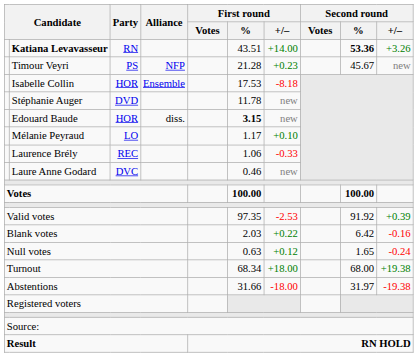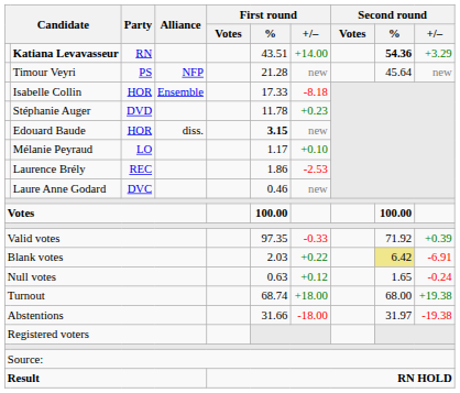 <table class="wikitable" style="text-align:right;font-size:95%;">
 <tr>
 <th rowspan="2" colspan="2">Candidate</th>
 <th colspan="1" rowspan="2">Party</th>
 <th colspan="1" rowspan="2">Alliance</th>
 <th colspan="3">First round</th>
 <th colspan="3">Second round</th>
 </tr>
 <tr>
 <th style="width:50px;">Votes</th>
 <th style="width:45px;">%</th>
 <th style="width:45px;">+/–</th>
 <th style="width:50px;">Votes</th>
 <th style="width:45px;">%</th>
 <th style="width:45px;">+/–</th>
 </tr>
 <tr>
 <td style="color:inherit;background:"></td>
 <td style="text-align:left;"><strong>Katiana Levavasseur</strong></td>
 <td><a href='#'>RN</a></td>
 <td></td>
 <td></td>
 <td>43.51</td>
 <td style="color:green;">+14.00</td>
 <td><strong></strong></td>
-<td><strong>53.36</strong></td>
-<td style="color:green;">+3.26</td>
+<td><strong>54.36</strong></td>
+<td style="color:green;">+3.29</td>
 </tr>
 <tr>
 <td style="color:inherit;background:"></td>
 <td style="text-align:left;">Timour Veyri</td>
 <td><a href='#'>PS</a></td>
 <td><a href='#'>NFP</a></td>
 <td></td>
 <td>21.28</td>
-<td style="color:green;">+0.23</td>
+<td style="color:grey;">new</td>
 <td></td>
-<td>45.67</td>
+<td>45.64</td>
 <td style="color:grey;">new</td>
 </tr>
 <tr>
 <td style="color:inherit;background:"></td>
 <td style="text-align:left;">Isabelle Collin</td>
 <td><a href='#'>HOR</a></td>
 <td><a href='#'>Ensemble</a></td>
 <td></td>
-<td>17.53</td>
+<td>17.33</td>
 <td style="color:red;">-8.18</td>
 <td colspan="3" rowspan="6" style="background:#E9E9E9;"></td>
 </tr>
 <tr>
 <td style="color:inherit;background:"></td>
 <td style="text-align:left;">Stéphanie Auger</td>
 <td><a href='#'>DVD</a></td>
 <td></td>
 <td></td>
 <td>11.78</td>
-<td style="color:grey;">new</td>
+<td style="color:green;">+0.23</td>
 </tr>
 <tr>
 <td style="color:inherit;background:"></td>
 <td style="text-align:left;">Edouard Baude</td>
 <td><a href='#'>HOR</a></td>
 <td>diss.</td>
 <td></td>
 <td><strong>3.15</strong></td>
 <td style="color:grey;">new</td>
 </tr>
 <tr>
 <td style="color:inherit;background:"></td>
 <td style="text-align:left;">Mélanie Peyraud</td>
 <td><a href='#'>LO</a></td>
 <td></td>
 <td></td>
 <td>1.17</td>
 <td style="color:green;">+0.10</td>
 </tr>
 <tr>
 <td style="color:inherit;background:"></td>
 <td style="text-align:left;">Laurence Brély</td>
 <td><a href='#'>REC</a></td>
 <td></td>
 <td></td>
-<td>1.06</td>
-<td style="color:red;">-0.33</td>
+<td>1.86</td>
+<td style="color:red;">-2.53</td>
 </tr>
 <tr>
 <td style="color:inherit;background:"></td>
 <td style="text-align:left;">Laure Anne Godard</td>
 <td><a href='#'>DVC</a></td>
 <td></td>
 <td></td>
 <td>0.46</td>
 <td style="color:grey;">new</td>
 </tr>
 <tr>
 <td colspan="10" style="background:#E9E9E9;"></td>
 </tr>
 <tr style="font-weight:bold;">
 <td colspan="4" style="text-align:left;">Votes</td>
 <td></td>
 <td>100.00</td>
 <td></td>
 <td></td>
 <td>100.00</td>
 <td></td>
 </tr>
 <tr>
 <td colspan="10" style="background:#E9E9E9;"></td>
 </tr>
 <tr>
 <td colspan="4" style="text-align:left;">Valid votes</td>
 <td></td>
 <td>97.35</td>
-<td style="color:red;">-2.53</td>
+<td style="color:red;">-0.33</td>
 <td></td>
-<td>91.92</td>
+<td>71.92</td>
 <td style="color:green;">+0.39</td>
 </tr>
 <tr>
 <td colspan="4" style="text-align:left;">Blank votes</td>
 <td></td>
 <td>2.03</td>
 <td style="color:green;">+0.22</td>
 <td></td>
-<td>6.42</td>
-<td style="color:red;">-0.16</td>
+<td style="background: khaki;">6.42</td>
+<td style="color:red;">-6.91</td>
 </tr>
 <tr>
 <td colspan="4" style="text-align:left;">Null votes</td>
 <td></td>
 <td>0.63</td>
 <td style="color:green;">+0.12</td>
 <td></td>
 <td>1.65</td>
 <td style="color:red;">-0.24</td>
 </tr>
 <tr>
 <td colspan="4" style="text-align:left;">Turnout</td>
 <td></td>
-<td>68.34</td>
+<td>68.74</td>
 <td style="color:green;">+18.00</td>
 <td></td>
 <td>68.00</td>
 <td style="color:green;">+19.38</td>
 </tr>
 <tr>
 <td colspan="4" style="text-align:left;">Abstentions</td>
 <td></td>
 <td>31.66</td>
 <td style="color:red;">-18.00</td>
 <td></td>
 <td>31.97</td>
 <td style="color:red;">-19.38</td>
 </tr>
 <tr>
 <td colspan="4" style="text-align:left;">Registered voters</td>
 <td></td>
 <td colspan="2" style="background:#E9E9E9;"></td>
 <td></td>
 <td colspan="2" style="background:#E9E9E9;"></td>
 </tr>
 <tr>
 <td colspan="10" style="background:#E9E9E9;"></td>
 </tr>
 <tr>
 <td colspan="10" style="text-align:left;">Source: </td>
 </tr>
 <tr style="font-weight:bold">
 <td colspan="4" style="text-align:left;">Result</td>
 <td colspan="6" style="background-color:">RN HOLD</td>
 </tr>
 </table>
